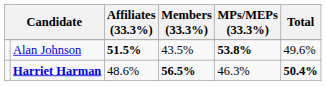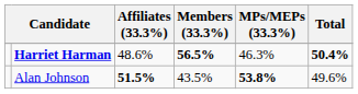 <table class="wikitable" style="font-size:95%">
 <tr>
 <th scope="col"; colspan=2>Candidate</th>
 <th scope="col">Affiliates <br> (33.3%)</th>
 <th scope="col">Members <br> (33.3%)</th>
 <th scope="col">MPs/MEPs <br> (33.3%)</th>
 <th scope="col">Total</th>
 </tr>
 <tr>
 </tr>
 <tr>
 <td style="background-color: "></td>
+<td scope=“row”><strong><a href='#'>Harriet Harman</a></strong> </td>
+<td>48.6%</td>
+<td><strong>56.5%</strong></td>
+<td>46.3%</td>
+<td><strong>50.4%</strong></td>
+</tr>
+<tr>
+<td style="background-color: "></td>
 <td scope=“row”><a href='#'>Alan Johnson</a></td>
 <td><strong>51.5%</strong></td>
 <td>43.5%</td>
 <td><strong>53.8%</strong></td>
 <td>49.6%</td>
 </tr>
-<tr>
-<td style="background-color: "></td>
-<td scope=“row”><strong><a href='#'>Harriet Harman</a></strong> </td>
-<td>48.6%</td>
-<td><strong>56.5%</strong></td>
-<td>46.3%</td>
-<td><strong>50.4%</strong></td>
-</tr>
 </table>
